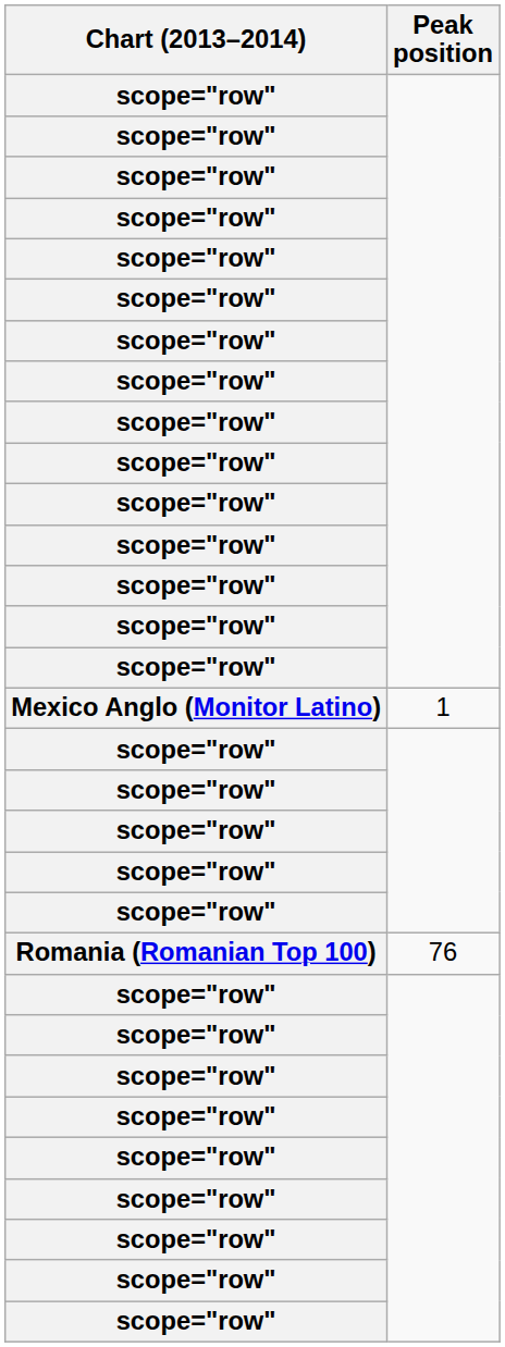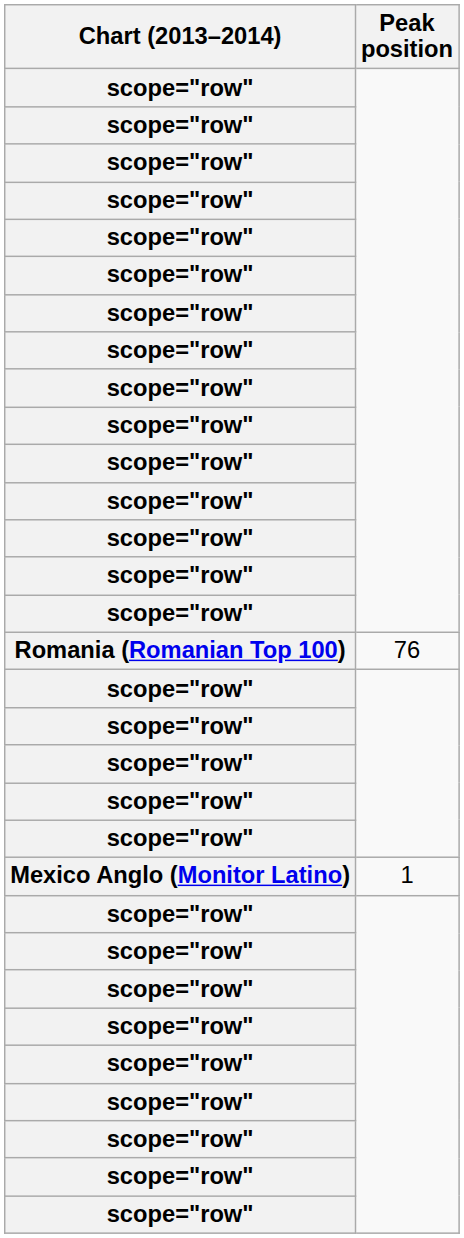 <table class="wikitable sortable plainrowheaders" style="text-align:center">
 <tr>
 <th scope="col">Chart (2013–2014)</th>
 <th scope="col">Peak<br>position</th>
 </tr>
 <tr>
 <th>scope="row" </th>
 </tr>
 <tr>
 <th>scope="row" </th>
 </tr>
 <tr>
 <th>scope="row" </th>
 </tr>
 <tr>
 <th>scope="row" </th>
 </tr>
 <tr>
 <th>scope="row" </th>
 </tr>
 <tr>
 <th>scope="row" </th>
 </tr>
 <tr>
 <th>scope="row" </th>
 </tr>
 <tr>
 <th>scope="row" </th>
 </tr>
 <tr>
 <th>scope="row" </th>
 </tr>
 <tr>
 <th>scope="row" </th>
 </tr>
 <tr>
 <th>scope="row" </th>
 </tr>
 <tr>
 <th>scope="row" </th>
 </tr>
 <tr>
 <th>scope="row" </th>
 </tr>
 <tr>
 <th>scope="row" </th>
 </tr>
 <tr>
 <th>scope="row" </th>
 </tr>
 <tr>
-<th scope="row">Mexico Anglo (<a href='#'>Monitor Latino</a>)</th>
-<td style="text-align:center;">1</td>
+<th scope="row">Romania (<a href='#'>Romanian Top 100</a>)</th>
+<td style="text-align:center;">76</td>
 </tr>
 <tr>
 <th>scope="row" </th>
 </tr>
 <tr>
 <th>scope="row" </th>
 </tr>
 <tr>
 <th>scope="row" </th>
 </tr>
 <tr>
 <th>scope="row" </th>
 </tr>
 <tr>
 <th>scope="row" </th>
 </tr>
 <tr>
-<th scope="row">Romania (<a href='#'>Romanian Top 100</a>)</th>
-<td style="text-align:center;">76</td>
+<th scope="row">Mexico Anglo (<a href='#'>Monitor Latino</a>)</th>
+<td style="text-align:center;">1</td>
 </tr>
 <tr>
 <th>scope="row" </th>
 </tr>
 <tr>
 <th>scope="row" </th>
 </tr>
 <tr>
 <th>scope="row" </th>
 </tr>
 <tr>
 <th>scope="row" </th>
 </tr>
 <tr>
 <th>scope="row" </th>
 </tr>
 <tr>
 <th>scope="row" </th>
 </tr>
 <tr>
 <th>scope="row" </th>
 </tr>
 <tr>
 <th>scope="row" </th>
 </tr>
 <tr>
 <th>scope="row" </th>
 </tr>
 </table>
